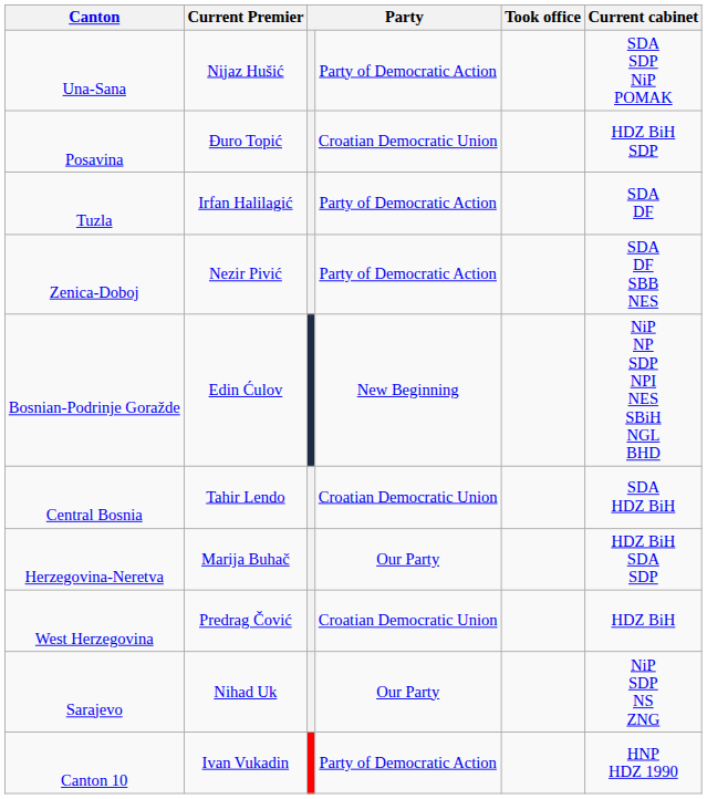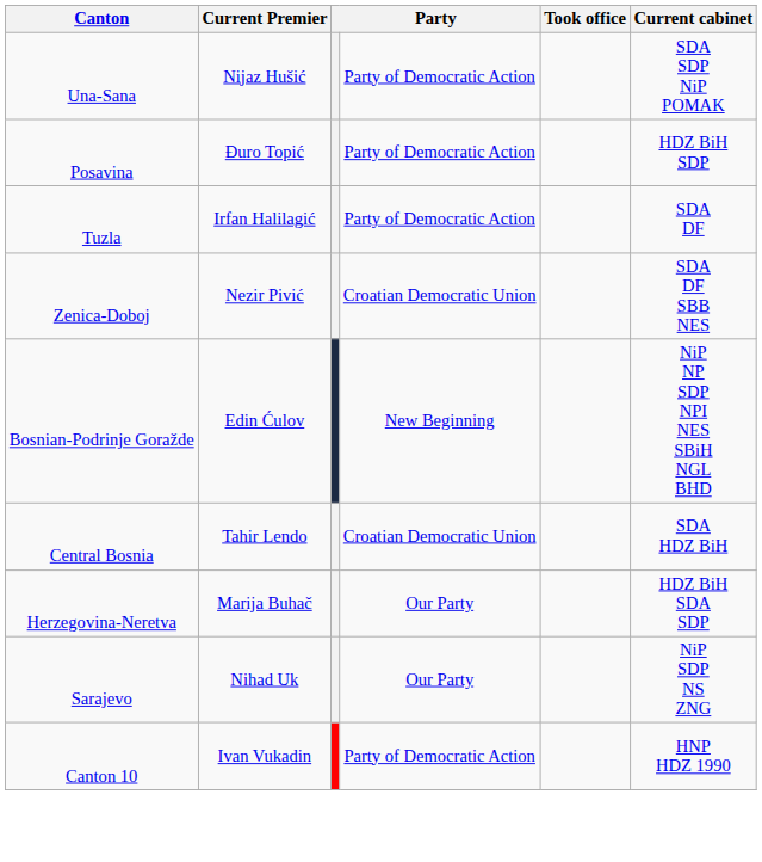 <table class="wikitable" style="text-align:center">
 <tr>
 <th><a href='#'>Canton</a></th>
 <th>Current Premier<br></th>
 <th colspan="2">Party</th>
 <th>Took office</th>
 <th>Current cabinet</th>
 </tr>
 <tr>
 <td><br><br><a href='#'>Una-Sana</a></td>
 <td><a href='#'>Nijaz Hušić</a><br></td>
 <th style="background-color: "></th>
 <td><a href='#'>Party of Democratic Action</a></td>
 <td></td>
 <td> <a href='#'>SDA</a><br> <a href='#'>SDP</a><br> <a href='#'>NiP</a><br>  <a href='#'>POMAK</a></td>
 </tr>
 <tr>
 <td><br><br><a href='#'>Posavina</a></td>
 <td><a href='#'>Đuro Topić</a><br></td>
 <th style="background-color: "></th>
-<td><a href='#'>Croatian Democratic Union</a></td>
+<td><a href='#'>Party of Democratic Action</a></td>
 <td></td>
 <td> <a href='#'>HDZ BiH</a><br> <a href='#'>SDP</a></td>
 </tr>
 <tr>
 <td><br><br><a href='#'>Tuzla</a></td>
 <td><a href='#'>Irfan Halilagić</a><br></td>
 <th style="background-color: "></th>
 <td><a href='#'>Party of Democratic Action</a></td>
 <td></td>
 <td> <a href='#'>SDA</a><br> <a href='#'>DF</a></td>
 </tr>
 <tr>
 <td><br><br><a href='#'>Zenica-Doboj</a></td>
 <td><a href='#'>Nezir Pivić</a><br></td>
 <th style="background-color: "></th>
-<td><a href='#'>Party of Democratic Action</a></td>
+<td><a href='#'>Croatian Democratic Union</a></td>
 <td></td>
 <td> <a href='#'>SDA</a><br> <a href='#'>DF</a><br> <a href='#'>SBB</a><br>  <a href='#'>NES</a></td>
 </tr>
 <tr>
 <td><br><br><a href='#'>Bosnian-Podrinje Goražde</a></td>
 <td><a href='#'>Edin Ćulov</a></td>
 <th style="background-color: #1c2a44"></th>
 <td><a href='#'>New Beginning</a></td>
 <td></td>
 <td> <a href='#'>NiP</a><br> <a href='#'>NP</a><br> <a href='#'>SDP</a><br> <a href='#'>NPI</a><br>  <a href='#'>NES</a><br>  <a href='#'>SBiH</a><br>  <a href='#'>NGL</a><br>  <a href='#'>BHD</a></td>
 </tr>
 <tr>
 <td><br><br><a href='#'>Central Bosnia</a></td>
 <td><a href='#'>Tahir Lendo</a><br></td>
 <th style="background-color: "></th>
 <td><a href='#'>Croatian Democratic Union</a></td>
 <td></td>
 <td> <a href='#'>SDA</a><br> <a href='#'>HDZ BiH</a></td>
 </tr>
 <tr>
 <td><br><br><a href='#'>Herzegovina-Neretva</a></td>
 <td><a href='#'>Marija Buhač</a><br></td>
 <th style="background-color: "></th>
 <td><a href='#'>Our Party</a></td>
 <td></td>
 <td> <a href='#'>HDZ BiH</a><br> <a href='#'>SDA</a><br> <a href='#'>SDP</a></td>
 </tr>
 <tr>
-<td><br><br><a href='#'>West Herzegovina</a></td>
-<td><a href='#'>Predrag Čović</a><br></td>
-<th style="background-color: "></th>
-<td><a href='#'>Croatian Democratic Union</a></td>
-<td></td>
-<td> <a href='#'>HDZ BiH</a></td>
-</tr>
-<tr>
 <td><br><br><a href='#'>Sarajevo</a></td>
 <td><a href='#'>Nihad Uk</a><br></td>
 <th style="background-color: "></th>
 <td><a href='#'>Our Party</a></td>
 <td></td>
 <td> <a href='#'>NiP</a><br> <a href='#'>SDP</a><br> <a href='#'>NS</a><br> <a href='#'>ZNG</a></td>
 </tr>
 <tr>
 <td><br><br><a href='#'>Canton 10</a></td>
 <td><a href='#'>Ivan Vukadin</a><br></td>
 <th style="background-color: red"></th>
 <td><a href='#'>Party of Democratic Action</a></td>
 <td></td>
 <td> <a href='#'>HNP</a><br> <a href='#'>HDZ 1990</a></td>
 </tr>
 </table>
